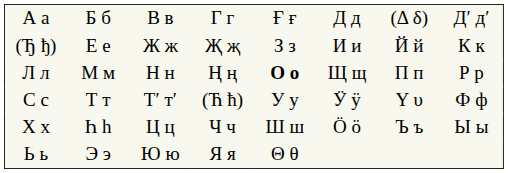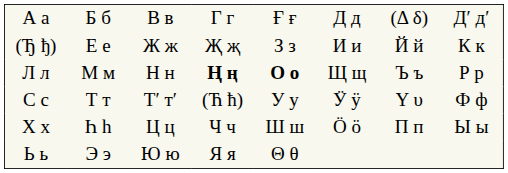 <table style="font-family:Arial Unicode MS; font-size:1.4em; border-color:#000000; border-width:1px; border-style:solid; border-collapse:collapse; background-color:#F8F8EF">
 <tr>
 <td style="width:3em; text-align:center; padding: 3px;">А а</td>
 <td style="width:3em; text-align:center; padding: 3px;">Б б</td>
 <td style="width:3em; text-align:center; padding: 3px;">В в</td>
 <td style="width:3em; text-align:center; padding: 3px;">Г г</td>
 <td style="width:3em; text-align:center; padding: 3px;">Ғ ғ</td>
 <td style="width:3em; text-align:center; padding: 3px;">Д д</td>
 <td style="width:3em; text-align:center; padding: 3px;">(Δ δ)</td>
 <td style="width:3em; text-align:center; padding: 3px;">Д′ д′</td>
 </tr>
 <tr>
 <td style="width:3em; text-align:center; padding: 3px;">(Ђ ђ)</td>
 <td style="width:3em; text-align:center; padding: 3px;">Е е</td>
 <td style="width:3em; text-align:center; padding: 3px;">Ж ж</td>
 <td style="width:3em; text-align:center; padding: 3px;">Җ җ</td>
 <td style="width:3em; text-align:center; padding: 3px;">З з</td>
 <td style="width:3em; text-align:center; padding: 3px;">И и</td>
 <td style="width:3em; text-align:center; padding: 3px;">Й й</td>
 <td style="width:3em; text-align:center; padding: 3px;">К к</td>
 </tr>
 <tr>
 <td style="width:3em; text-align:center; padding: 3px;">Л л</td>
 <td style="width:3em; text-align:center; padding: 3px;">М м</td>
 <td style="width:3em; text-align:center; padding: 3px;">Н н</td>
-<td style="width:3em; text-align:center; padding: 3px;">Ң ң</td>
+<td style="width:3em; text-align:center; padding: 3px;"><strong>Ң ң</strong></td>
 <td style="width:3em; text-align:center; padding: 3px;"><strong>О о</strong></td>
 <td style="width:3em; text-align:center; padding: 3px;">Щ щ</td>
-<td style="width:3em; text-align:center; padding: 3px;">П п</td>
+<td style="width:3em; text-align:center; padding: 3px;">Ъ ъ</td>
 <td style="width:3em; text-align:center; padding: 3px;">Р р</td>
 </tr>
 <tr>
 <td style="width:3em; text-align:center; padding: 3px;">С с</td>
 <td style="width:3em; text-align:center; padding: 3px;">Т т</td>
 <td style="width:3em; text-align:center; padding: 3px;">Т′ т′</td>
 <td style="width:3em; text-align:center; padding: 3px;">(Ћ ћ)</td>
 <td style="width:3em; text-align:center; padding: 3px;">У у</td>
 <td style="width:3em; text-align:center; padding: 3px;">Ӱ ӱ</td>
 <td style="width:3em; text-align:center; padding: 3px;">Υ υ</td>
 <td style="width:3em; text-align:center; padding: 3px;">Ф ф</td>
 </tr>
 <tr>
 <td style="width:3em; text-align:center; padding: 3px;">Х х</td>
 <td style="width:3em; text-align:center; padding: 3px;">Һ һ</td>
 <td style="width:3em; text-align:center; padding: 3px;">Ц ц</td>
 <td style="width:3em; text-align:center; padding: 3px;">Ч ч</td>
 <td style="width:3em; text-align:center; padding: 3px;">Ш ш</td>
 <td style="width:3em; text-align:center; padding: 3px;">Ӧ ӧ</td>
-<td style="width:3em; text-align:center; padding: 3px;">Ъ ъ</td>
+<td style="width:3em; text-align:center; padding: 3px;">П п</td>
 <td style="width:3em; text-align:center; padding: 3px;">Ы ы</td>
 </tr>
 <tr>
 <td style="width:3em; text-align:center; padding: 3px;">Ь ь</td>
 <td style="width:3em; text-align:center; padding: 3px;">Э э</td>
 <td style="width:3em; text-align:center; padding: 3px;">Ю ю</td>
 <td style="width:3em; text-align:center; padding: 3px;">Я я</td>
 <td style="width:3em; text-align:center; padding: 3px;">Θ θ</td>
 <td></td>
 <td></td>
 <td></td>
 </tr>
 </table>
